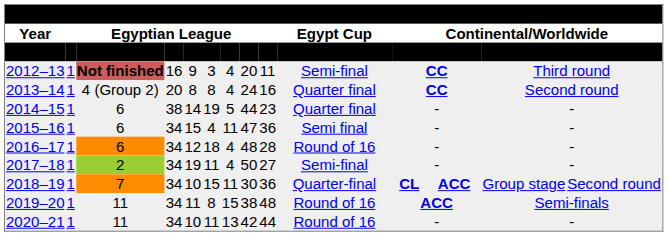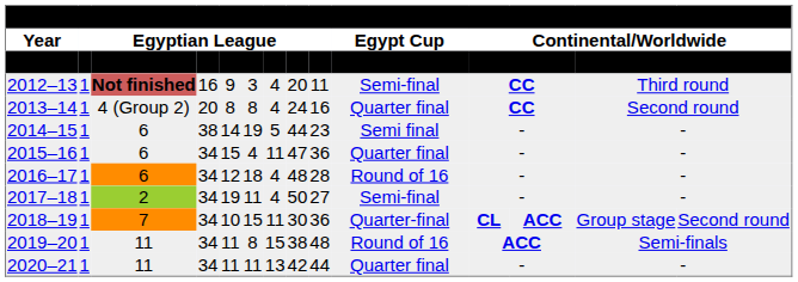 <table style="background:#f7f8ff; font-size:95%; text-align:center; border:gray solid 1px; border-collapse:collapse;">
 <tr style="background:#000;">
 <td colspan="18" style="text-align:center;"><span> <strong>Last Ten Seasons</strong></span></td>
 </tr>
 <tr style="background:#fff;">
 <td style="text-align:center;"><strong>Year</strong></td>
 <th colspan="8" style="text-align:center;"><strong>Egyptian League</strong></th>
 <th style="text-align:center;"><strong>Egypt Cup</strong></th>
 <th colspan="4" style="text-align:center;"><strong>Continental/Worldwide</strong></th>
 </tr>
 <tr style="background:#000;">
 <td style="text-align:center;"><span><strong>—</strong></span></td>
 <td style="text-align:center;"><span><strong></strong></span></td>
 <td style="text-align:center;"><span><strong></strong></span></td>
 <td style="text-align:center;"><span><strong></strong></span></td>
 <td style="text-align:center;"><span><strong></strong></span></td>
 <td style="text-align:center;"><span><strong></strong></span></td>
 <td style="text-align:center;"><span><strong></strong></span></td>
 <td style="text-align:center;"><span><strong></strong></span></td>
 <td style="text-align:center;"><span><strong></strong></span></td>
 <td style="text-align:center;"><span><strong>Maximum stage</strong></span></td>
 <td style="text-align:center;" colspan="2"><span><strong>Competition</strong></span></td>
 <td style="text-align:center;" colspan="2"><span><strong>Maximum stage</strong></span></td>
 </tr>
 <tr style="background:#efefef;">
 <td style="text-align:center;"><a href='#'>2012–13</a></td>
 <td style="text-align:center;"><a href='#'>1</a></td>
 <td style="text-align:center; background:#cd5c5c;"><strong>Not finished</strong></td>
 <td style="text-align:center;">16</td>
 <td style="text-align:center;">9</td>
 <td style="text-align:center;">3</td>
 <td style="text-align:center;">4</td>
 <td style="text-align:center;">20</td>
 <td style="text-align:center;">11</td>
 <td style="text-align:center;"><a href='#'>Semi-final</a></td>
 <td style="text-align:center;" colspan="2"><strong><a href='#'>CC</a></strong></td>
 <td style="text-align:center;" colspan="2"><a href='#'>Third round</a></td>
 </tr>
 <tr>
 </tr>
 <tr style="background:#efefef;">
 <td style="text-align:center;"><a href='#'>2013–14</a></td>
 <td style="text-align:center;"><a href='#'>1</a></td>
 <td style="text-align:center;">4 (Group 2)</td>
 <td style="text-align:center;">20</td>
 <td style="text-align:center;">8</td>
 <td style="text-align:center;">8</td>
 <td style="text-align:center;">4</td>
 <td style="text-align:center;">24</td>
 <td style="text-align:center;">16</td>
 <td style="text-align:center;"><a href='#'>Quarter final</a></td>
 <td style="text-align:center;" colspan="2"><strong><a href='#'>CC</a></strong></td>
 <td style="text-align:center;" colspan="2"><a href='#'>Second round</a></td>
 </tr>
 <tr>
 </tr>
 <tr style="background:#efefef;">
 <td style="text-align:center;"><a href='#'>2014–15</a></td>
 <td style="text-align:center;"><a href='#'>1</a></td>
 <td style="text-align:center;">6</td>
 <td style="text-align:center;">38</td>
 <td style="text-align:center;">14</td>
 <td style="text-align:center;">19</td>
 <td style="text-align:center;">5</td>
 <td style="text-align:center;">44</td>
 <td style="text-align:center;">23</td>
-<td style="text-align:center;"><a href='#'>Quarter final</a></td>
+<td style="text-align:center;"><a href='#'>Semi final</a></td>
 <td style="text-align:center;" colspan="2">-</td>
 <td style="text-align:center;" colspan="2">-</td>
 </tr>
 <tr>
 </tr>
 <tr style="background:#efefef;">
 <td style="text-align:center;"><a href='#'>2015–16</a></td>
 <td style="text-align:center;"><a href='#'>1</a></td>
 <td style="text-align:center;">6</td>
 <td style="text-align:center;">34</td>
 <td style="text-align:center;">15</td>
 <td style="text-align:center;">4</td>
 <td style="text-align:center;">11</td>
 <td style="text-align:center;">47</td>
 <td style="text-align:center;">36</td>
-<td style="text-align:center;"><a href='#'>Semi final</a></td>
+<td style="text-align:center;"><a href='#'>Quarter final</a></td>
 <td style="text-align:center;" colspan="2">-</td>
 <td style="text-align:center;" colspan="2">-</td>
 </tr>
 <tr>
 </tr>
 <tr style="background:#efefef;">
 <td style="text-align:center;"><a href='#'>2016–17</a></td>
 <td style="text-align:center;"><a href='#'>1</a></td>
 <td style="text-align:center;background:#FF8C00;">6</td>
 <td style="text-align:center;">34</td>
 <td style="text-align:center;">12</td>
 <td style="text-align:center;">18</td>
 <td style="text-align:center;">4</td>
 <td style="text-align:center;">48</td>
 <td style="text-align:center;">28</td>
 <td style="text-align:center;"><a href='#'>Round of 16</a></td>
 <td style="text-align:center;" colspan="2">-</td>
 <td style="text-align:center;" colspan="2">-</td>
 </tr>
 <tr>
 </tr>
 <tr style="background:#efefef;">
 <td style="text-align:center;"><a href='#'>2017–18</a></td>
 <td style="text-align:center;"><a href='#'>1</a></td>
 <td style="text-align:center;background:#9ACE32;">2</td>
 <td style="text-align:center;">34</td>
 <td style="text-align:center;">19</td>
 <td style="text-align:center;">11</td>
 <td style="text-align:center;">4</td>
 <td style="text-align:center;">50</td>
 <td style="text-align:center;">27</td>
 <td style="text-align:center;"><a href='#'>Semi-final</a></td>
 <td style="text-align:center;" colspan="2">-</td>
 <td style="text-align:center;" colspan="2">-</td>
 </tr>
 <tr>
 </tr>
 <tr style="background:#efefef;">
 <td style="text-align:center;"><a href='#'>2018–19</a></td>
 <td style="text-align:center;"><a href='#'>1</a></td>
 <td style="text-align:center;background:#FF8C00;">7</td>
 <td style="text-align:center;">34</td>
 <td style="text-align:center;">10</td>
 <td style="text-align:center;">15</td>
 <td style="text-align:center;">11</td>
 <td style="text-align:center;">30</td>
 <td style="text-align:center;">36</td>
 <td style="text-align:center;"><a href='#'>Quarter-final</a></td>
 <td style="text-align:center;"><strong><a href='#'>CL</a></strong></td>
 <td style="text-align:center;"><strong><a href='#'>ACC</a></strong></td>
 <td style="text-align:center;"><a href='#'>Group stage</a></td>
 <td style="text-align:center;"><a href='#'>Second round</a></td>
 </tr>
 <tr>
 </tr>
 <tr style="background:#efefef;">
 <td style="text-align:center;"><a href='#'>2019–20</a></td>
 <td style="text-align:center;"><a href='#'>1</a></td>
 <td style="text-align:center;">11</td>
 <td style="text-align:center;">34</td>
 <td style="text-align:center;">11</td>
 <td style="text-align:center;">8</td>
 <td style="text-align:center;">15</td>
 <td style="text-align:center;">38</td>
 <td style="text-align:center;">48</td>
 <td style="text-align:center;"><a href='#'>Round of 16</a></td>
 <td style="text-align:center;" colspan="2"><strong><a href='#'>ACC</a></strong></td>
 <td style="text-align:center;" colspan="2"><a href='#'>Semi-finals</a></td>
 </tr>
 <tr>
 </tr>
 <tr style="background:#efefef;">
 <td style="text-align:center;"><a href='#'>2020–21</a></td>
 <td style="text-align:center;"><a href='#'>1</a></td>
 <td style="text-align:center;">11</td>
 <td style="text-align:center;">34</td>
-<td style="text-align:center;">10</td>
+<td style="text-align:center;">11</td>
 <td style="text-align:center;">11</td>
 <td style="text-align:center;">13</td>
 <td style="text-align:center;">42</td>
 <td style="text-align:center;">44</td>
-<td style="text-align:center;"><a href='#'>Round of 16</a></td>
+<td style="text-align:center;"><a href='#'>Quarter final</a></td>
 <td style="text-align:center;" colspan="2">-</td>
 <td style="text-align:center;" colspan="2">-</td>
 </tr>
 </table>
